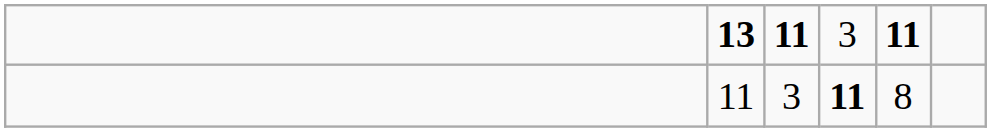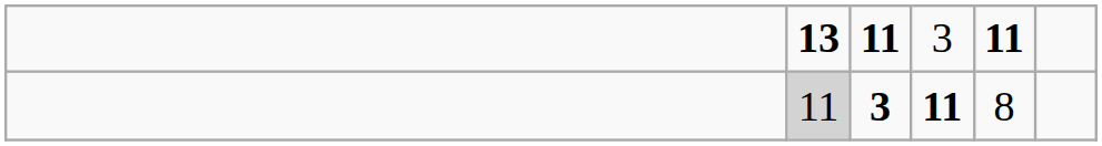 <table class="wikitable">
 <tr>
 <td style="width:18em"></td>
 <td align=center style="width:1em"><strong>13</strong></td>
 <td align=center style="width:1em"><strong>11</strong></td>
 <td align=center style="width:1em">3</td>
 <td align=center style="width:1em"><strong>11</strong></td>
 <td align=center style="width:1em"></td>
 </tr>
 <tr>
 <td style="width:18em"></td>
-<td align=center style="width:1em">11</td>
-<td align=center style="width:1em">3</td>
+<td align=center style="background: lightgrey; width:1em">11</td>
+<td align=center style="width:1em"><strong>3</strong></td>
 <td align=center style="width:1em"><strong>11</strong></td>
 <td align=center style="width:1em">8</td>
 <td align=center style="width:1em"></td>
 </tr>
 </table>
